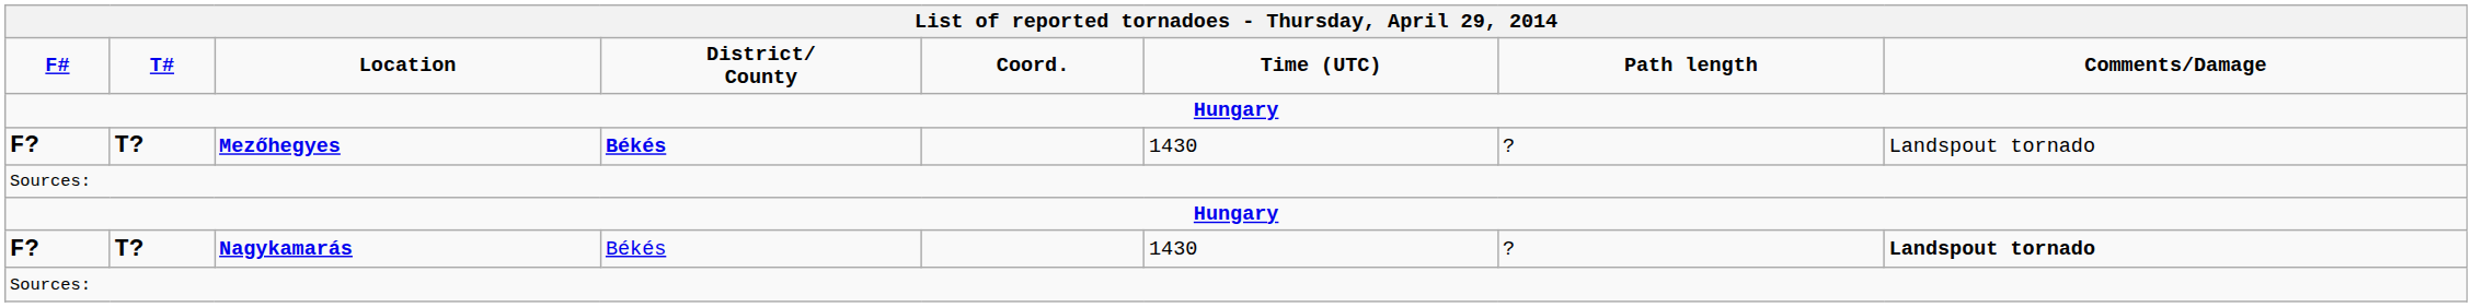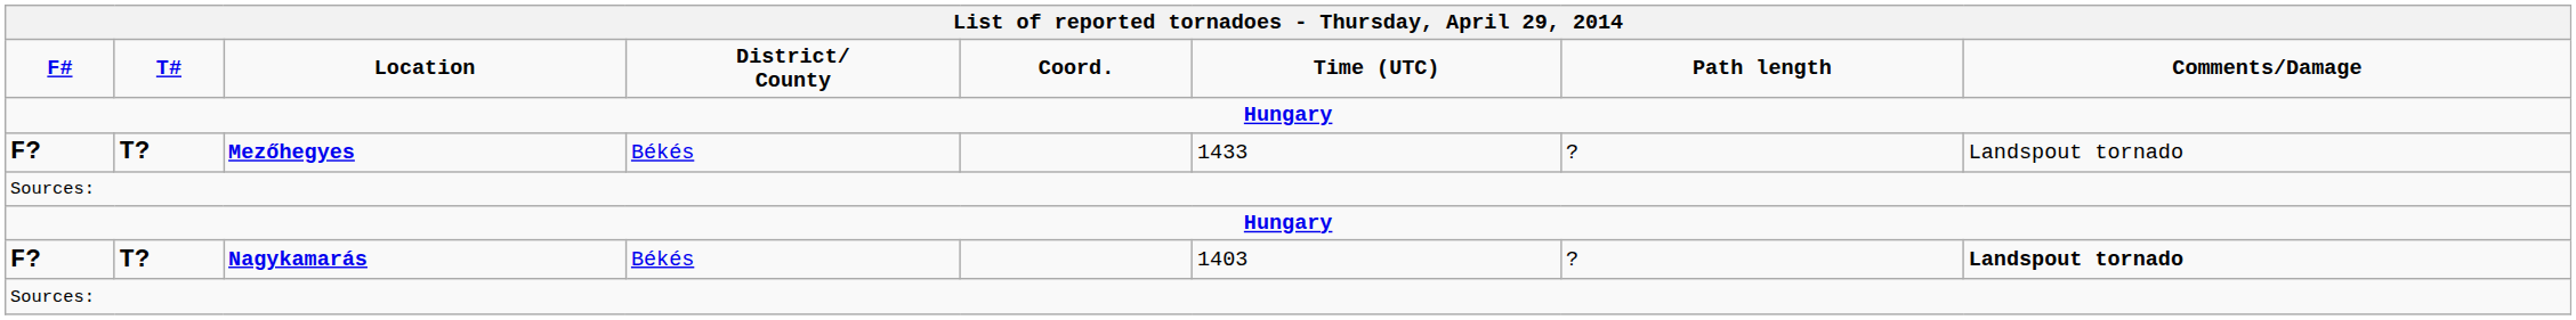 <table class="wikitable collapsible" width="100%">
 <tr>
 <th colspan="8">List of reported tornadoes - Thursday, April 29, 2014</th>
 </tr>
 <tr>
 <td style="text-align: center;"><strong><a href='#'>F#</a></strong></td>
 <td style="text-align: center;"><strong><a href='#'>T#</a></strong></td>
 <td style="text-align: center;"><strong>Location</strong></td>
 <td style="text-align: center;"><strong>District/<br>County</strong></td>
 <td style="text-align: center;"><strong>Coord.</strong></td>
 <td style="text-align: center;"><strong>Time (UTC)</strong></td>
 <td style="text-align: center;"><strong>Path length</strong></td>
 <td style="text-align: center;"><strong>Comments/Damage</strong></td>
 </tr>
 <tr>
 <td colspan="8" align=center><strong><a href='#'>Hungary</a></strong></td>
 </tr>
 <tr>
 <td><big><strong>F?</strong></big></td>
 <td><big><strong>T?</strong></big></td>
 <td><strong><a href='#'>Mezőhegyes</a></strong></td>
-<td><strong><a href='#'>Békés</a></strong></td>
+<td><a href='#'>Békés</a></td>
 <td></td>
-<td>1430</td>
+<td>1433</td>
 <td>?</td>
 <td>Landspout tornado</td>
 </tr>
 <tr>
 <td colspan="8"><small>Sources:</small></td>
 </tr>
 <tr>
 <td colspan="8" align=center><strong><a href='#'>Hungary</a></strong></td>
 </tr>
 <tr>
 <td><big><strong>F?</strong></big></td>
 <td><big><strong>T?</strong></big></td>
 <td><strong><a href='#'>Nagykamarás</a></strong></td>
 <td><a href='#'>Békés</a></td>
 <td></td>
-<td>1430</td>
+<td>1403</td>
 <td>?</td>
 <td><strong>Landspout tornado</strong></td>
 </tr>
 <tr>
 <td colspan="8"><small>Sources:</small></td>
 </tr>
 </table>
